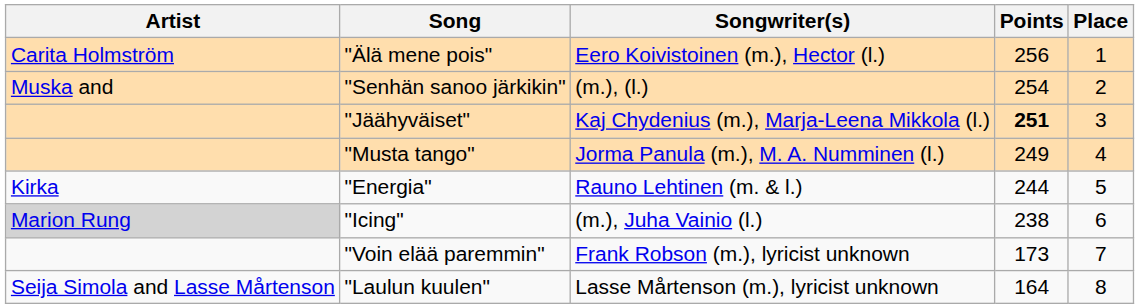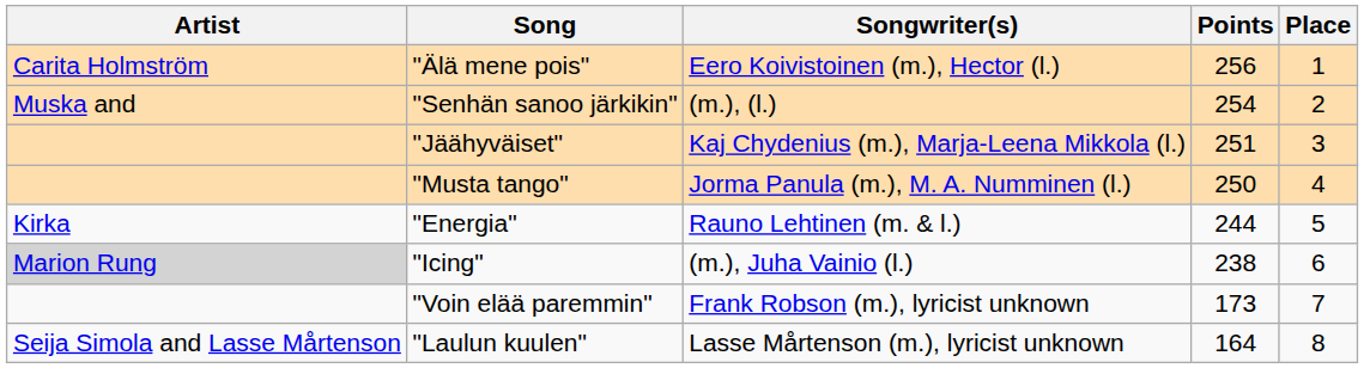 <table class="sortable wikitable" style="margin: 1em auto 1em auto;">
 <tr>
 <th>Artist</th>
 <th>Song</th>
 <th>Songwriter(s)</th>
 <th>Points</th>
 <th>Place</th>
 </tr>
 <tr bgcolor="#FFDEAD">
 <td><a href='#'>Carita Holmström</a></td>
 <td>"Älä mene pois"</td>
 <td><a href='#'>Eero Koivistoinen</a> (m.), <a href='#'>Hector</a> (l.)</td>
 <td align="center">256</td>
 <td align="center">1</td>
 </tr>
 <tr bgcolor="#FFDEAD">
 <td><a href='#'>Muska</a> and </td>
 <td>"Senhän sanoo järkikin"</td>
 <td> (m.),  (l.)</td>
 <td align="center">254</td>
 <td align="center">2</td>
 </tr>
 <tr bgcolor="#FFDEAD">
 <td></td>
 <td>"Jäähyväiset"</td>
 <td><a href='#'>Kaj Chydenius</a> (m.), <a href='#'>Marja-Leena Mikkola</a> (l.)</td>
-<td align="center"><strong>251</strong></td>
+<td align="center">251</td>
 <td align="center">3</td>
 </tr>
 <tr bgcolor="#FFDEAD">
 <td></td>
 <td>"Musta tango"</td>
 <td><a href='#'>Jorma Panula</a> (m.), <a href='#'>M. A. Numminen</a> (l.)</td>
-<td align="center">249</td>
+<td align="center">250</td>
 <td align="center">4</td>
 </tr>
 <tr>
 <td><a href='#'>Kirka</a></td>
 <td>"Energia"</td>
 <td><a href='#'>Rauno Lehtinen</a> (m. & l.)</td>
 <td align="center">244</td>
 <td align="center">5</td>
 </tr>
 <tr>
 <td style="background: lightgrey;"><a href='#'>Marion Rung</a></td>
 <td>"Icing"</td>
 <td> (m.), <a href='#'>Juha Vainio</a> (l.)</td>
 <td align="center">238</td>
 <td align="center">6</td>
 </tr>
 <tr>
 <td></td>
 <td>"Voin elää paremmin"</td>
 <td><a href='#'>Frank Robson</a> (m.), lyricist unknown</td>
 <td align="center">173</td>
 <td align="center">7</td>
 </tr>
 <tr>
 <td><a href='#'>Seija Simola</a> and <a href='#'>Lasse Mårtenson</a></td>
 <td>"Laulun kuulen"</td>
 <td>Lasse Mårtenson (m.), lyricist unknown</td>
 <td align="center">164</td>
 <td align="center">8</td>
 </tr>
 </table>
